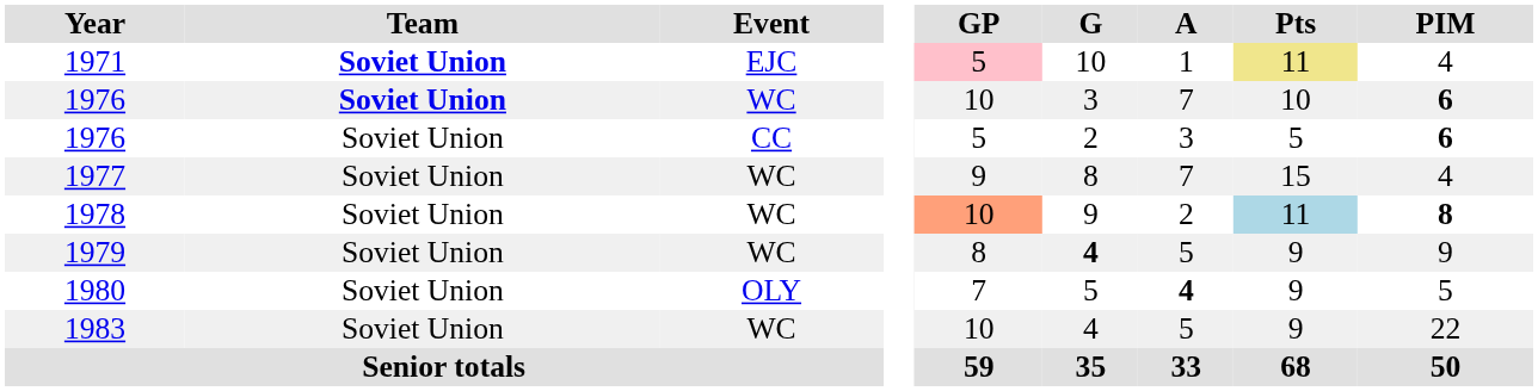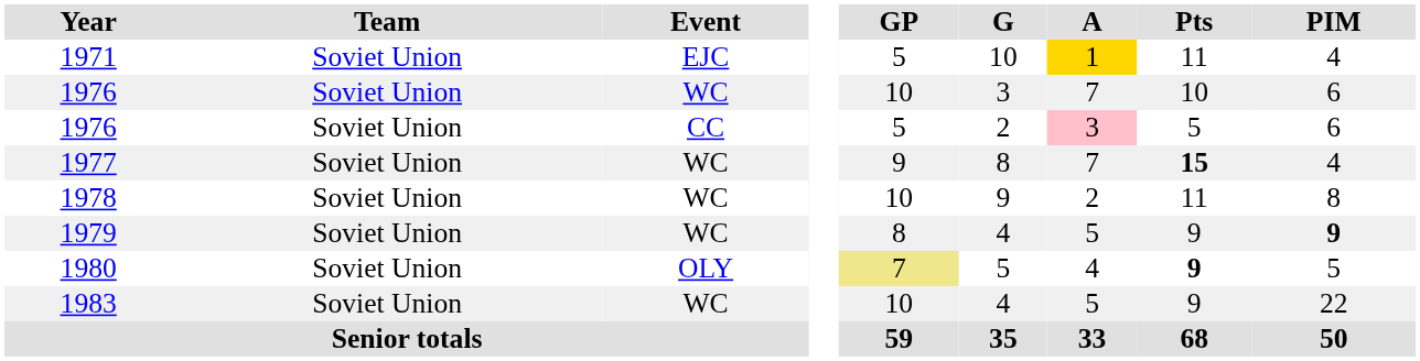 <table border="0" cellpadding="1" cellspacing="0" style="text-align:center; width:50em">
 <tr ALIGN="center" bgcolor="#e0e0e0">
 <th>Year</th>
 <th>Team</th>
 <th>Event</th>
 <th rowspan="99" bgcolor="#ffffff"> </th>
 <th>GP</th>
 <th>G</th>
 <th>A</th>
 <th>Pts</th>
 <th>PIM</th>
 </tr>
 <tr>
 <td><a href='#'>1971</a></td>
-<td><strong><a href='#'>Soviet Union</a></strong></td>
+<td><a href='#'>Soviet Union</a></td>
 <td><a href='#'>EJC</a></td>
-<td style="background: pink;">5</td>
+<td>5</td>
 <td>10</td>
-<td>1</td>
-<td style="background: khaki;">11</td>
+<td style="background: gold;">1</td>
+<td>11</td>
 <td>4</td>
 </tr>
 <tr bgcolor="#f0f0f0">
 <td><a href='#'>1976</a></td>
-<td><strong><a href='#'>Soviet Union</a></strong></td>
+<td><a href='#'>Soviet Union</a></td>
 <td><a href='#'>WC</a></td>
 <td>10</td>
 <td>3</td>
 <td>7</td>
 <td>10</td>
-<td><strong>6</strong></td>
+<td>6</td>
 </tr>
 <tr>
 <td><a href='#'>1976</a></td>
 <td>Soviet Union</td>
 <td><a href='#'>CC</a></td>
 <td>5</td>
 <td>2</td>
-<td>3</td>
+<td style="background: pink;">3</td>
 <td>5</td>
-<td><strong>6</strong></td>
+<td>6</td>
 </tr>
 <tr bgcolor="#f0f0f0">
 <td><a href='#'>1977</a></td>
 <td>Soviet Union</td>
 <td>WC</td>
 <td>9</td>
 <td>8</td>
 <td>7</td>
-<td>15</td>
+<td><strong>15</strong></td>
 <td>4</td>
 </tr>
 <tr>
 <td><a href='#'>1978</a></td>
 <td>Soviet Union</td>
 <td>WC</td>
-<td style="background: lightsalmon;">10</td>
+<td>10</td>
 <td>9</td>
 <td>2</td>
-<td style="background: lightblue;">11</td>
-<td><strong>8</strong></td>
+<td>11</td>
+<td>8</td>
 </tr>
 <tr bgcolor="#f0f0f0">
 <td><a href='#'>1979</a></td>
 <td>Soviet Union</td>
 <td>WC</td>
 <td>8</td>
-<td><strong>4</strong></td>
+<td>4</td>
 <td>5</td>
 <td>9</td>
-<td>9</td>
+<td><strong>9</strong></td>
 </tr>
 <tr>
 <td><a href='#'>1980</a></td>
 <td>Soviet Union</td>
 <td><a href='#'>OLY</a></td>
-<td>7</td>
+<td style="background: khaki;">7</td>
 <td>5</td>
-<td><strong>4</strong></td>
-<td>9</td>
+<td>4</td>
+<td><strong>9</strong></td>
 <td>5</td>
 </tr>
 <tr bgcolor="#f0f0f0">
 <td><a href='#'>1983</a></td>
 <td>Soviet Union</td>
 <td>WC</td>
 <td>10</td>
 <td>4</td>
 <td>5</td>
 <td>9</td>
 <td>22</td>
 </tr>
 <tr bgcolor="#e0e0e0">
 <th colspan=3>Senior totals</th>
 <th>59</th>
 <th>35</th>
 <th>33</th>
 <th>68</th>
 <th>50</th>
 </tr>
 </table>
